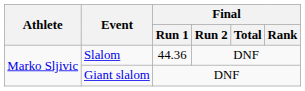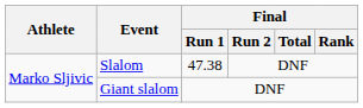 <table class="wikitable">
 <tr>
 <th rowspan="2">Athlete</th>
 <th rowspan="2">Event</th>
 <th colspan="4">Final</th>
 </tr>
 <tr>
 <th>Run 1</th>
 <th>Run 2</th>
 <th>Total</th>
 <th>Rank</th>
 </tr>
 <tr>
 <td rowspan=2><a href='#'>Marko Sljivic</a></td>
 <td><a href='#'>Slalom</a></td>
-<td align="center">44.36</td>
+<td align="center">47.38</td>
 <td align="center" colspan=3>DNF</td>
 </tr>
 <tr>
 <td><a href='#'>Giant slalom</a></td>
 <td align="center" colspan=4>DNF</td>
 </tr>
 </table>
